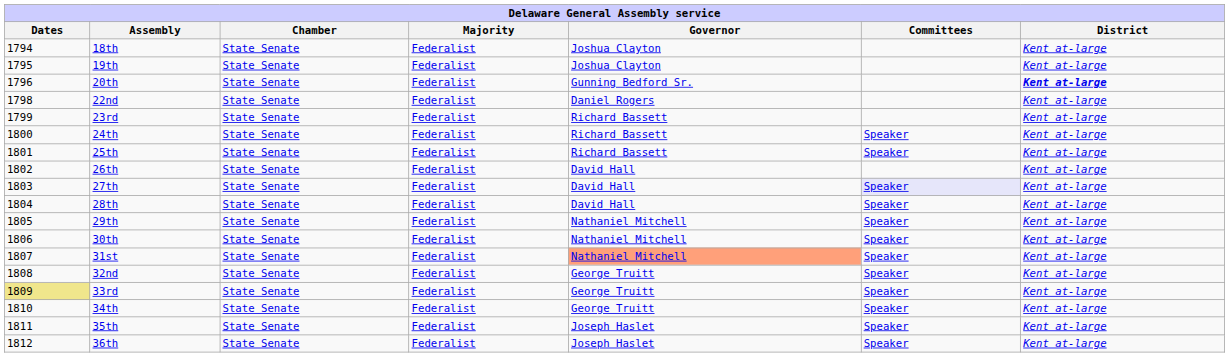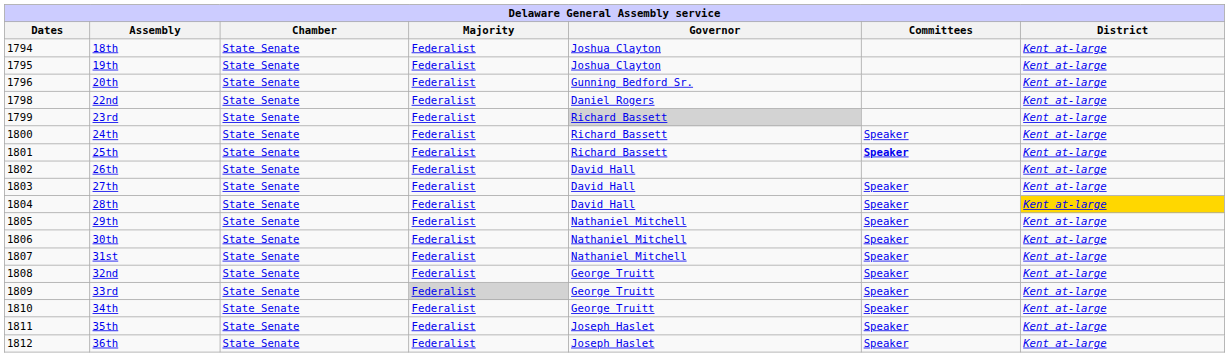 <table class=wikitable style="width: 94%" style="text-align: center;" align="center">
 <tr bgcolor=#cccccc>
 <th colspan=7 style="background: #ccccff;">Delaware General Assembly service</th>
 </tr>
 <tr>
 <th><strong>Dates</strong></th>
 <th><strong>Assembly</strong></th>
 <th><strong>Chamber</strong></th>
 <th><strong>Majority</strong></th>
 <th><strong>Governor</strong></th>
 <th><strong>Committees</strong></th>
 <th><strong>District</strong></th>
 </tr>
 <tr>
 <td>1794</td>
 <td><a href='#'>18th</a></td>
 <td><a href='#'>State Senate</a></td>
 <td><a href='#'>Federalist</a></td>
 <td><a href='#'>Joshua Clayton</a></td>
 <td></td>
 <td><a href='#'><em>Kent at-large</em></a></td>
 </tr>
 <tr>
 <td>1795</td>
 <td><a href='#'>19th</a></td>
 <td><a href='#'>State Senate</a></td>
 <td><a href='#'>Federalist</a></td>
 <td><a href='#'>Joshua Clayton</a></td>
 <td></td>
 <td><a href='#'><em>Kent at-large</em></a></td>
 </tr>
 <tr>
 <td>1796</td>
 <td><a href='#'>20th</a></td>
 <td><a href='#'>State Senate</a></td>
 <td><a href='#'>Federalist</a></td>
 <td><a href='#'>Gunning Bedford Sr.</a></td>
 <td></td>
-<td><strong><a href='#'><em>Kent at-large</em></a></strong></td>
+<td><a href='#'><em>Kent at-large</em></a></td>
 </tr>
 <tr>
 <td>1798</td>
 <td><a href='#'>22nd</a></td>
 <td><a href='#'>State Senate</a></td>
 <td><a href='#'>Federalist</a></td>
 <td><a href='#'>Daniel Rogers</a></td>
 <td></td>
 <td><a href='#'><em>Kent at-large</em></a></td>
 </tr>
 <tr>
 <td>1799</td>
 <td><a href='#'>23rd</a></td>
 <td><a href='#'>State Senate</a></td>
 <td><a href='#'>Federalist</a></td>
-<td><a href='#'>Richard Bassett</a></td>
+<td style="background: lightgrey;"><a href='#'>Richard Bassett</a></td>
 <td></td>
 <td><a href='#'><em>Kent at-large</em></a></td>
 </tr>
 <tr>
 <td>1800</td>
 <td><a href='#'>24th</a></td>
 <td><a href='#'>State Senate</a></td>
 <td><a href='#'>Federalist</a></td>
 <td><a href='#'>Richard Bassett</a></td>
 <td><a href='#'>Speaker</a></td>
 <td><a href='#'><em>Kent at-large</em></a></td>
 </tr>
 <tr>
 <td>1801</td>
 <td><a href='#'>25th</a></td>
 <td><a href='#'>State Senate</a></td>
 <td><a href='#'>Federalist</a></td>
 <td><a href='#'>Richard Bassett</a></td>
-<td><a href='#'>Speaker</a></td>
+<td><strong><a href='#'>Speaker</a></strong></td>
 <td><a href='#'><em>Kent at-large</em></a></td>
 </tr>
 <tr>
 <td>1802</td>
 <td><a href='#'>26th</a></td>
 <td><a href='#'>State Senate</a></td>
 <td><a href='#'>Federalist</a></td>
 <td><a href='#'>David Hall</a></td>
 <td></td>
 <td><a href='#'><em>Kent at-large</em></a></td>
 </tr>
 <tr>
 <td>1803</td>
 <td><a href='#'>27th</a></td>
 <td><a href='#'>State Senate</a></td>
 <td><a href='#'>Federalist</a></td>
 <td><a href='#'>David Hall</a></td>
-<td style="background: lavender;"><a href='#'>Speaker</a></td>
+<td><a href='#'>Speaker</a></td>
 <td><a href='#'><em>Kent at-large</em></a></td>
 </tr>
 <tr>
 <td>1804</td>
 <td><a href='#'>28th</a></td>
 <td><a href='#'>State Senate</a></td>
 <td><a href='#'>Federalist</a></td>
 <td><a href='#'>David Hall</a></td>
 <td><a href='#'>Speaker</a></td>
-<td><a href='#'><em>Kent at-large</em></a></td>
+<td style="background: gold;"><a href='#'><em>Kent at-large</em></a></td>
 </tr>
 <tr>
 <td>1805</td>
 <td><a href='#'>29th</a></td>
 <td><a href='#'>State Senate</a></td>
 <td><a href='#'>Federalist</a></td>
 <td><a href='#'>Nathaniel Mitchell</a></td>
 <td><a href='#'>Speaker</a></td>
 <td><a href='#'><em>Kent at-large</em></a></td>
 </tr>
 <tr>
 <td>1806</td>
 <td><a href='#'>30th</a></td>
 <td><a href='#'>State Senate</a></td>
 <td><a href='#'>Federalist</a></td>
 <td><a href='#'>Nathaniel Mitchell</a></td>
 <td><a href='#'>Speaker</a></td>
 <td><a href='#'><em>Kent at-large</em></a></td>
 </tr>
 <tr>
 <td>1807</td>
 <td><a href='#'>31st</a></td>
 <td><a href='#'>State Senate</a></td>
 <td><a href='#'>Federalist</a></td>
-<td style="background: lightsalmon;"><a href='#'>Nathaniel Mitchell</a></td>
+<td><a href='#'>Nathaniel Mitchell</a></td>
 <td><a href='#'>Speaker</a></td>
 <td><a href='#'><em>Kent at-large</em></a></td>
 </tr>
 <tr>
 <td>1808</td>
 <td><a href='#'>32nd</a></td>
 <td><a href='#'>State Senate</a></td>
 <td><a href='#'>Federalist</a></td>
 <td><a href='#'>George Truitt</a></td>
 <td><a href='#'>Speaker</a></td>
 <td><a href='#'><em>Kent at-large</em></a></td>
 </tr>
 <tr>
-<td style="background: khaki;">1809</td>
+<td>1809</td>
 <td><a href='#'>33rd</a></td>
 <td><a href='#'>State Senate</a></td>
-<td><a href='#'>Federalist</a></td>
+<td style="background: lightgrey;"><a href='#'>Federalist</a></td>
 <td><a href='#'>George Truitt</a></td>
 <td><a href='#'>Speaker</a></td>
 <td><a href='#'><em>Kent at-large</em></a></td>
 </tr>
 <tr>
 <td>1810</td>
 <td><a href='#'>34th</a></td>
 <td><a href='#'>State Senate</a></td>
 <td><a href='#'>Federalist</a></td>
 <td><a href='#'>George Truitt</a></td>
 <td><a href='#'>Speaker</a></td>
 <td><a href='#'><em>Kent at-large</em></a></td>
 </tr>
 <tr>
 <td>1811</td>
 <td><a href='#'>35th</a></td>
 <td><a href='#'>State Senate</a></td>
 <td><a href='#'>Federalist</a></td>
 <td><a href='#'>Joseph Haslet</a></td>
 <td><a href='#'>Speaker</a></td>
 <td><a href='#'><em>Kent at-large</em></a></td>
 </tr>
 <tr>
 <td>1812</td>
 <td><a href='#'>36th</a></td>
 <td><a href='#'>State Senate</a></td>
 <td><a href='#'>Federalist</a></td>
 <td><a href='#'>Joseph Haslet</a></td>
 <td><a href='#'>Speaker</a></td>
 <td><a href='#'><em>Kent at-large</em></a></td>
 </tr>
 </table>
